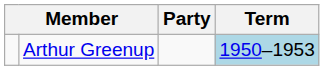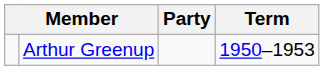 <table class="wikitable">
 <tr>
 <th colspan="2">Member</th>
 <th>Party</th>
 <th>Term</th>
 </tr>
 <tr>
 <td> </td>
 <td><a href='#'>Arthur Greenup</a></td>
 <td></td>
-<td style="background: lightblue;"><a href='#'>1950</a>–1953</td>
+<td><a href='#'>1950</a>–1953</td>
 </tr>
 </table>
